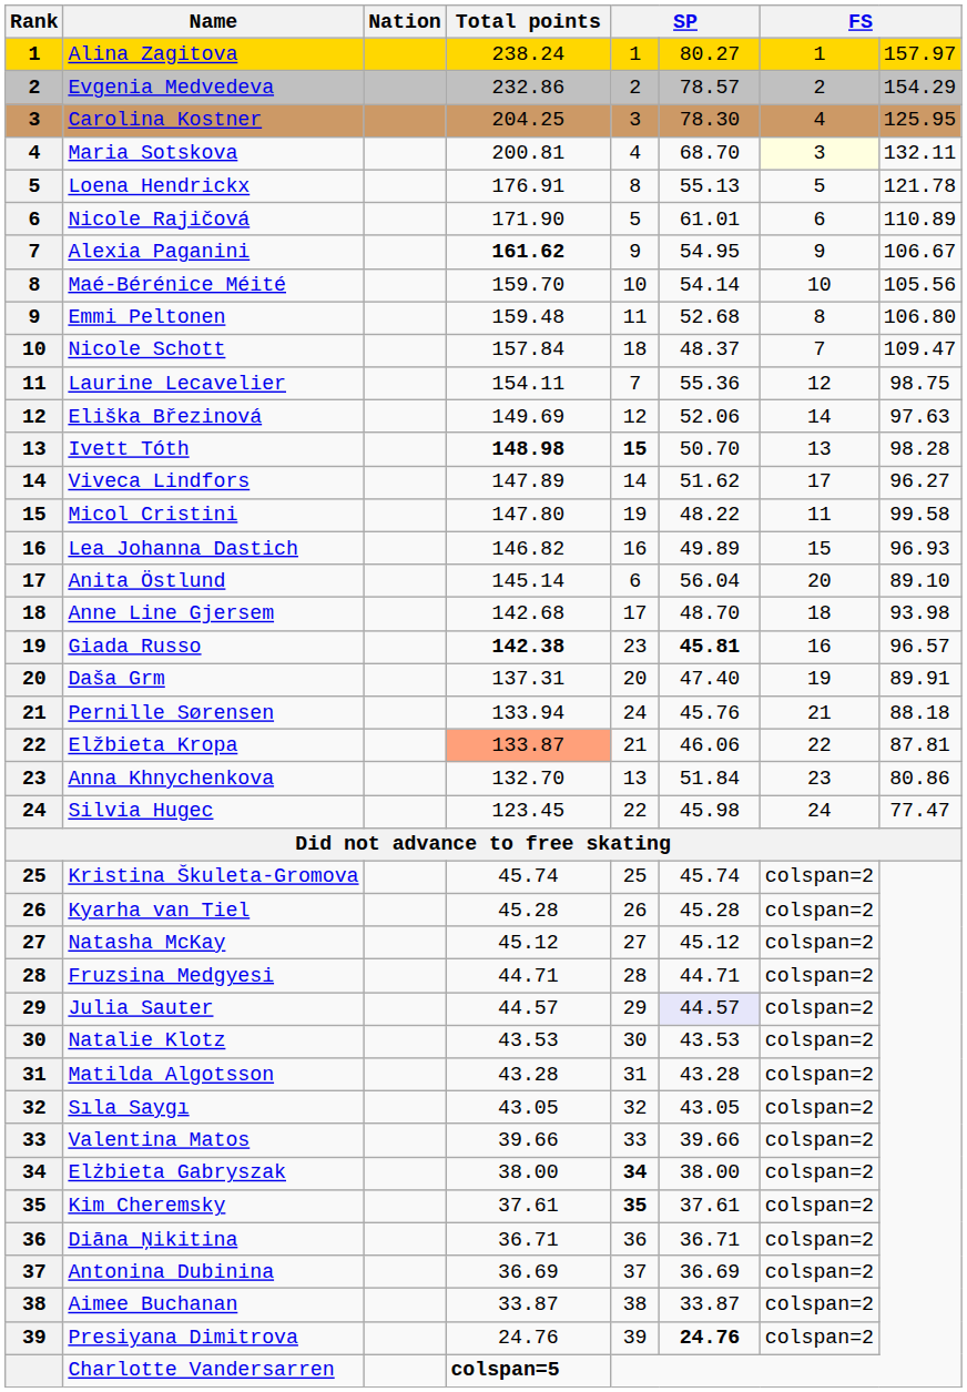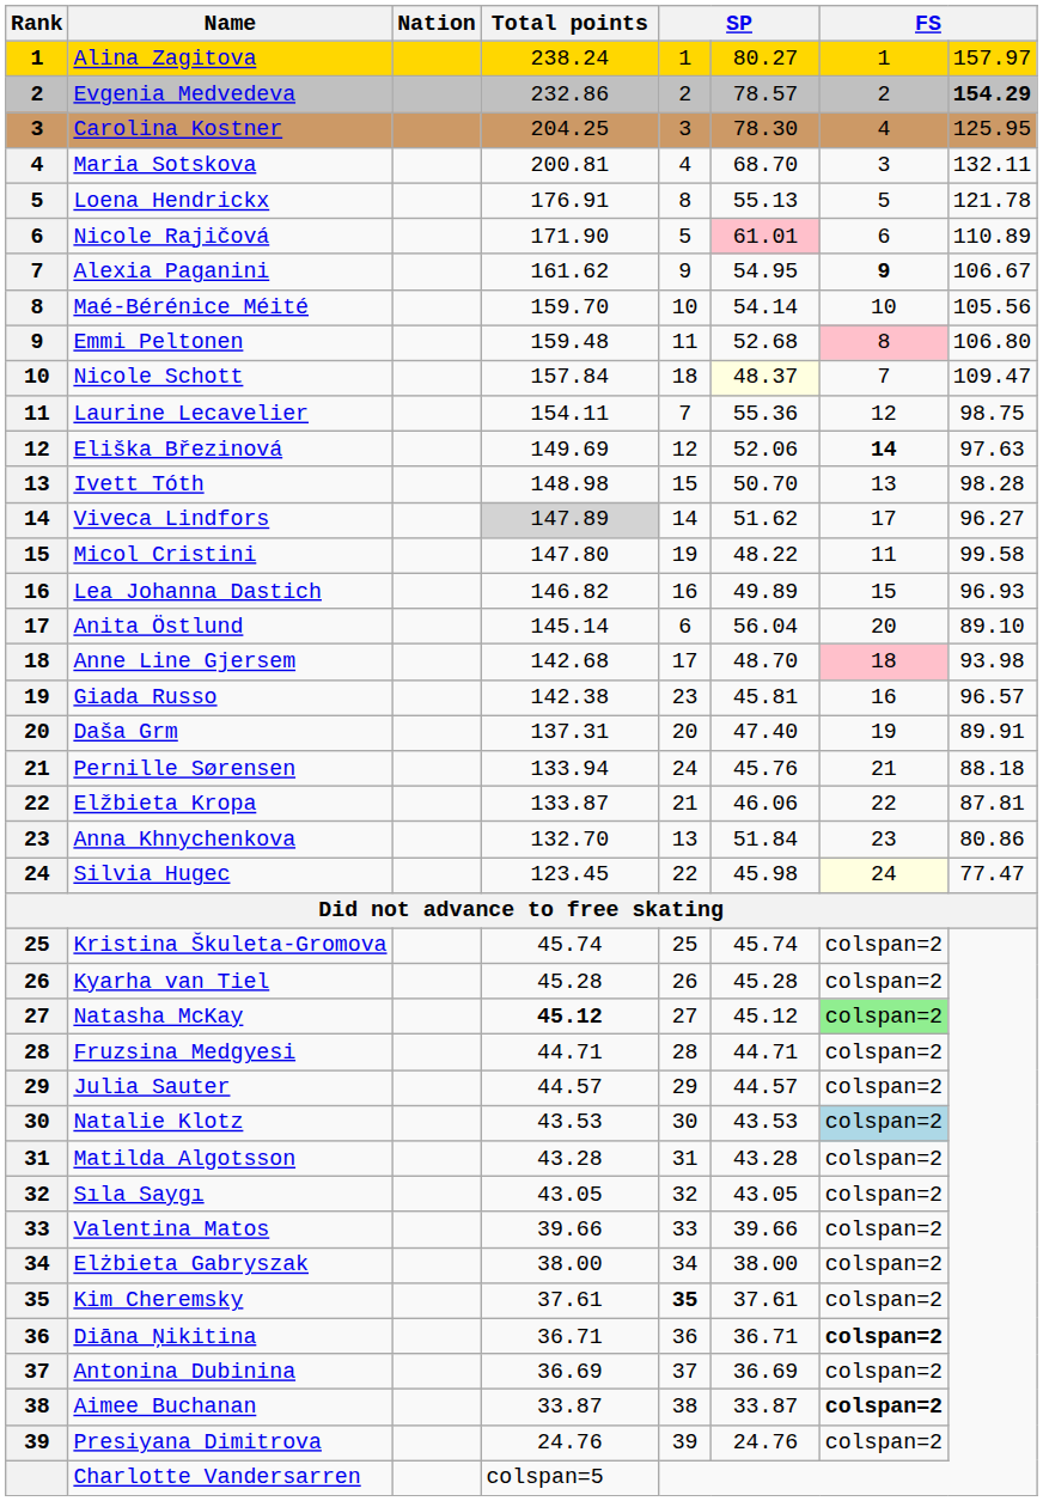 <table class="wikitable sortable">
 <tr>
 <th>Rank</th>
 <th>Name</th>
 <th>Nation</th>
 <th width="100px">Total points</th>
 <th colspan="2" width="90px"><a href='#'>SP</a></th>
 <th colspan="2" width="90px"><a href='#'>FS</a></th>
 </tr>
 <tr bgcolor="gold">
 <td align="center" bgcolor="gold"><strong>1</strong></td>
 <td><a href='#'>Alina Zagitova</a></td>
 <td></td>
 <td align="center">238.24</td>
 <td align="center">1</td>
 <td align="center">80.27</td>
 <td align="center">1</td>
 <td align="center">157.97</td>
 </tr>
 <tr bgcolor="silver">
 <td align="center" bgcolor="silver"><strong>2</strong></td>
 <td><a href='#'>Evgenia Medvedeva</a></td>
 <td></td>
 <td align="center">232.86</td>
 <td align="center">2</td>
 <td align="center">78.57</td>
 <td align="center">2</td>
-<td align="center">154.29</td>
+<td align="center"><strong>154.29</strong></td>
 </tr>
 <tr bgcolor="#cc9966">
 <td align="center" bgcolor="#cc9966"><strong>3</strong></td>
 <td><a href='#'>Carolina Kostner</a></td>
 <td></td>
 <td align="center">204.25</td>
 <td align="center">3</td>
 <td align="center">78.30</td>
 <td align="center">4</td>
 <td align="center">125.95</td>
 </tr>
 <tr>
 <th>4</th>
 <td><a href='#'>Maria Sotskova</a></td>
 <td></td>
 <td align="center">200.81</td>
 <td align="center">4</td>
 <td align="center">68.70</td>
-<td align="center" style="background: lightyellow;">3</td>
+<td align="center">3</td>
 <td align="center">132.11</td>
 </tr>
 <tr>
 <th>5</th>
 <td><a href='#'>Loena Hendrickx</a></td>
 <td></td>
 <td align="center">176.91</td>
 <td align="center">8</td>
 <td align="center">55.13</td>
 <td align="center">5</td>
 <td align="center">121.78</td>
 </tr>
 <tr>
 <th>6</th>
 <td><a href='#'>Nicole Rajičová</a></td>
 <td></td>
 <td align="center">171.90</td>
 <td align="center">5</td>
-<td align="center">61.01</td>
+<td align="center" style="background: pink;">61.01</td>
 <td align="center">6</td>
 <td align="center">110.89</td>
 </tr>
 <tr>
 <th>7</th>
 <td><a href='#'>Alexia Paganini</a></td>
 <td></td>
-<td align="center"><strong>161.62</strong></td>
+<td align="center">161.62</td>
 <td align="center">9</td>
 <td align="center">54.95</td>
-<td align="center">9</td>
+<td align="center"><strong>9</strong></td>
 <td align="center">106.67</td>
 </tr>
 <tr>
 <th>8</th>
 <td><a href='#'>Maé-Bérénice Méité</a></td>
 <td></td>
 <td align="center">159.70</td>
 <td align="center">10</td>
 <td align="center">54.14</td>
 <td align="center">10</td>
 <td align="center">105.56</td>
 </tr>
 <tr>
 <th>9</th>
 <td><a href='#'>Emmi Peltonen</a></td>
 <td></td>
 <td align="center">159.48</td>
 <td align="center">11</td>
 <td align="center">52.68</td>
-<td align="center">8</td>
+<td align="center" style="background: pink;">8</td>
 <td align="center">106.80</td>
 </tr>
 <tr>
 <th>10</th>
 <td><a href='#'>Nicole Schott</a></td>
 <td></td>
 <td align="center">157.84</td>
 <td align="center">18</td>
-<td align="center">48.37</td>
+<td align="center" style="background: lightyellow;">48.37</td>
 <td align="center">7</td>
 <td align="center">109.47</td>
 </tr>
 <tr>
 <th>11</th>
 <td><a href='#'>Laurine Lecavelier</a></td>
 <td></td>
 <td align="center">154.11</td>
 <td align="center">7</td>
 <td align="center">55.36</td>
 <td align="center">12</td>
 <td align="center">98.75</td>
 </tr>
 <tr>
 <th>12</th>
 <td><a href='#'>Eliška Březinová</a></td>
 <td></td>
 <td align="center">149.69</td>
 <td align="center">12</td>
 <td align="center">52.06</td>
-<td align="center">14</td>
+<td align="center"><strong>14</strong></td>
 <td align="center">97.63</td>
 </tr>
 <tr>
 <th>13</th>
 <td><a href='#'>Ivett Tóth</a></td>
 <td></td>
-<td align="center"><strong>148.98</strong></td>
-<td align="center"><strong>15</strong></td>
+<td align="center">148.98</td>
+<td align="center">15</td>
 <td align="center">50.70</td>
 <td align="center">13</td>
 <td align="center">98.28</td>
 </tr>
 <tr>
 <th>14</th>
 <td><a href='#'>Viveca Lindfors</a></td>
 <td></td>
-<td align="center">147.89</td>
+<td align="center" style="background: lightgrey;">147.89</td>
 <td align="center">14</td>
 <td align="center">51.62</td>
 <td align="center">17</td>
 <td align="center">96.27</td>
 </tr>
 <tr>
 <th>15</th>
 <td><a href='#'>Micol Cristini</a></td>
 <td></td>
 <td align="center">147.80</td>
 <td align="center">19</td>
 <td align="center">48.22</td>
 <td align="center">11</td>
 <td align="center">99.58</td>
 </tr>
 <tr>
 <th>16</th>
 <td><a href='#'>Lea Johanna Dastich</a></td>
 <td></td>
 <td align="center">146.82</td>
 <td align="center">16</td>
 <td align="center">49.89</td>
 <td align="center">15</td>
 <td align="center">96.93</td>
 </tr>
 <tr>
 <th>17</th>
 <td><a href='#'>Anita Östlund</a></td>
 <td></td>
 <td align="center">145.14</td>
 <td align="center">6</td>
 <td align="center">56.04</td>
 <td align="center">20</td>
 <td align="center">89.10</td>
 </tr>
 <tr>
 <th>18</th>
 <td><a href='#'>Anne Line Gjersem</a></td>
 <td></td>
 <td align="center">142.68</td>
 <td align="center">17</td>
 <td align="center">48.70</td>
-<td align="center">18</td>
+<td align="center" style="background: pink;">18</td>
 <td align="center">93.98</td>
 </tr>
 <tr>
 <th>19</th>
 <td><a href='#'>Giada Russo</a></td>
 <td></td>
-<td align="center"><strong>142.38</strong></td>
+<td align="center">142.38</td>
 <td align="center">23</td>
-<td align="center"><strong>45.81</strong></td>
+<td align="center">45.81</td>
 <td align="center">16</td>
 <td align="center">96.57</td>
 </tr>
 <tr>
 <th>20</th>
 <td><a href='#'>Daša Grm</a></td>
 <td></td>
 <td align="center">137.31</td>
 <td align="center">20</td>
 <td align="center">47.40</td>
 <td align="center">19</td>
 <td align="center">89.91</td>
 </tr>
 <tr>
 <th>21</th>
 <td><a href='#'>Pernille Sørensen</a></td>
 <td></td>
 <td align="center">133.94</td>
 <td align="center">24</td>
 <td align="center">45.76</td>
 <td align="center">21</td>
 <td align="center">88.18</td>
 </tr>
 <tr>
 <th>22</th>
 <td><a href='#'>Elžbieta Kropa</a></td>
 <td></td>
-<td align="center" style="background: lightsalmon;">133.87</td>
+<td align="center">133.87</td>
 <td align="center">21</td>
 <td align="center">46.06</td>
 <td align="center">22</td>
 <td align="center">87.81</td>
 </tr>
 <tr>
 <th>23</th>
 <td><a href='#'>Anna Khnychenkova</a></td>
 <td></td>
 <td align="center">132.70</td>
 <td align="center">13</td>
 <td align="center">51.84</td>
 <td align="center">23</td>
 <td align="center">80.86</td>
 </tr>
 <tr>
 <th>24</th>
 <td><a href='#'>Silvia Hugec</a></td>
 <td></td>
 <td align="center">123.45</td>
 <td align="center">22</td>
 <td align="center">45.98</td>
-<td align="center">24</td>
+<td align="center" style="background: lightyellow;">24</td>
 <td align="center">77.47</td>
 </tr>
 <tr>
 <th colspan=8>Did not advance to free skating</th>
 </tr>
 <tr>
 <th>25</th>
 <td><a href='#'>Kristina Škuleta-Gromova</a></td>
 <td></td>
 <td align="center">45.74</td>
 <td align="center">25</td>
 <td align="center">45.74</td>
 <td>colspan=2 </td>
 </tr>
 <tr>
 <th>26</th>
 <td><a href='#'>Kyarha van Tiel</a></td>
 <td></td>
 <td align="center">45.28</td>
 <td align="center">26</td>
 <td align="center">45.28</td>
 <td>colspan=2 </td>
 </tr>
 <tr>
 <th>27</th>
 <td><a href='#'>Natasha McKay</a></td>
 <td></td>
-<td align="center">45.12</td>
+<td align="center"><strong>45.12</strong></td>
 <td align="center">27</td>
 <td align="center">45.12</td>
-<td>colspan=2 </td>
+<td style="background: lightgreen;">colspan=2 </td>
 </tr>
 <tr>
 <th>28</th>
 <td><a href='#'>Fruzsina Medgyesi</a></td>
 <td></td>
 <td align="center">44.71</td>
 <td align="center">28</td>
 <td align="center">44.71</td>
 <td>colspan=2 </td>
 </tr>
 <tr>
 <th>29</th>
 <td><a href='#'>Julia Sauter</a></td>
 <td></td>
 <td align="center">44.57</td>
 <td align="center">29</td>
-<td align="center" style="background: lavender;">44.57</td>
+<td align="center">44.57</td>
 <td>colspan=2 </td>
 </tr>
 <tr>
 <th>30</th>
 <td><a href='#'>Natalie Klotz</a></td>
 <td></td>
 <td align="center">43.53</td>
 <td align="center">30</td>
 <td align="center">43.53</td>
-<td>colspan=2 </td>
+<td style="background: lightblue;">colspan=2 </td>
 </tr>
 <tr>
 <th>31</th>
 <td><a href='#'>Matilda Algotsson</a></td>
 <td></td>
 <td align="center">43.28</td>
 <td align="center">31</td>
 <td align="center">43.28</td>
 <td>colspan=2 </td>
 </tr>
 <tr>
 <th>32</th>
 <td><a href='#'>Sıla Saygı</a></td>
 <td></td>
 <td align="center">43.05</td>
 <td align="center">32</td>
 <td align="center">43.05</td>
 <td>colspan=2 </td>
 </tr>
 <tr>
 <th>33</th>
 <td><a href='#'>Valentina Matos</a></td>
 <td></td>
 <td align="center">39.66</td>
 <td align="center">33</td>
 <td align="center">39.66</td>
 <td>colspan=2 </td>
 </tr>
 <tr>
 <th>34</th>
 <td><a href='#'>Elżbieta Gabryszak</a></td>
 <td></td>
 <td align="center">38.00</td>
-<td align="center"><strong>34</strong></td>
+<td align="center">34</td>
 <td align="center">38.00</td>
 <td>colspan=2 </td>
 </tr>
 <tr>
 <th>35</th>
 <td><a href='#'>Kim Cheremsky</a></td>
 <td></td>
 <td align="center">37.61</td>
 <td align="center"><strong>35</strong></td>
 <td align="center">37.61</td>
 <td>colspan=2 </td>
 </tr>
 <tr>
 <th>36</th>
 <td><a href='#'>Diāna Ņikitina</a></td>
 <td></td>
 <td align="center">36.71</td>
 <td align="center">36</td>
 <td align="center">36.71</td>
-<td>colspan=2 </td>
+<td><strong>colspan=2 </strong></td>
 </tr>
 <tr>
 <th>37</th>
 <td><a href='#'>Antonina Dubinina</a></td>
 <td></td>
 <td align="center">36.69</td>
 <td align="center">37</td>
 <td align="center">36.69</td>
 <td>colspan=2 </td>
 </tr>
 <tr>
 <th>38</th>
 <td><a href='#'>Aimee Buchanan</a></td>
 <td></td>
 <td align="center">33.87</td>
 <td align="center">38</td>
 <td align="center">33.87</td>
-<td>colspan=2 </td>
+<td><strong>colspan=2 </strong></td>
 </tr>
 <tr>
 <th>39</th>
 <td><a href='#'>Presiyana Dimitrova</a></td>
 <td></td>
 <td align="center">24.76</td>
 <td align="center">39</td>
-<td align="center"><strong>24.76</strong></td>
+<td align="center">24.76</td>
 <td>colspan=2 </td>
 </tr>
 <tr>
 <th></th>
 <td><a href='#'>Charlotte Vandersarren</a></td>
 <td></td>
-<td><strong>colspan=5 </strong></td>
+<td>colspan=5 </td>
 </tr>
 </table>
